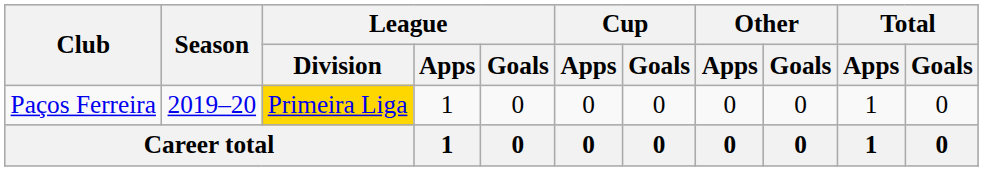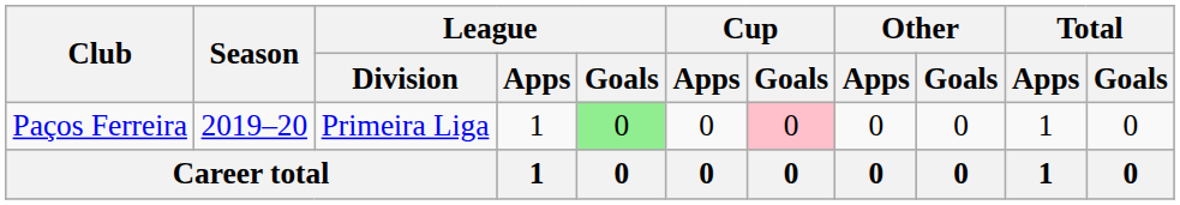 <table class="wikitable" style="text-align: center">
 <tr>
 <th rowspan="2">Club</th>
 <th rowspan="2">Season</th>
 <th colspan="3">League</th>
 <th colspan="2">Cup</th>
 <th colspan="2">Other</th>
 <th colspan="2">Total</th>
 </tr>
 <tr>
 <th>Division</th>
 <th>Apps</th>
 <th>Goals</th>
 <th>Apps</th>
 <th>Goals</th>
 <th>Apps</th>
 <th>Goals</th>
 <th>Apps</th>
 <th>Goals</th>
 </tr>
 <tr>
 <td><a href='#'>Paços Ferreira</a></td>
 <td><a href='#'>2019–20</a></td>
-<td style="background: gold;"><a href='#'>Primeira Liga</a></td>
+<td><a href='#'>Primeira Liga</a></td>
 <td>1</td>
+<td style="background: lightgreen;">0</td>
 <td>0</td>
-<td>0</td>
-<td>0</td>
+<td style="background: pink;">0</td>
 <td>0</td>
 <td>0</td>
 <td>1</td>
 <td>0</td>
 </tr>
 <tr>
 <th colspan="3"><strong>Career total</strong></th>
 <th>1</th>
 <th>0</th>
 <th>0</th>
 <th>0</th>
 <th>0</th>
 <th>0</th>
 <th>1</th>
 <th>0</th>
 </tr>
 </table>
